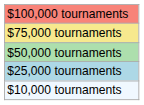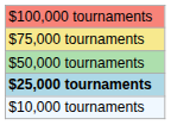 <table class="wikitable" style="font-size:85%; width:12%;">
 <tr style="background:#f88379;">
 <td>$100,000 tournaments</td>
 </tr>
 <tr style="background:#f7e98e;">
 <td>$75,000 tournaments</td>
 </tr>
 <tr style="background:#addfad;">
 <td>$50,000 tournaments</td>
 </tr>
 <tr style="background:lightblue;">
-<td>$25,000 tournaments</td>
+<td><strong>$25,000 tournaments</strong></td>
 </tr>
 <tr style="background:#f0f8ff;">
 <td>$10,000 tournaments</td>
 </tr>
 </table>
